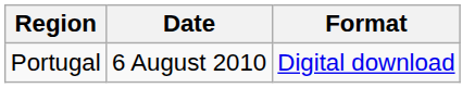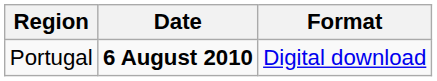 <table class="wikitable">
 <tr>
 <th>Region</th>
 <th>Date</th>
 <th>Format</th>
 </tr>
 <tr>
 <td rowspan="2">Portugal</td>
-<td>6 August 2010</td>
+<td><strong>6 August 2010</strong></td>
 <td><a href='#'>Digital download</a></td>
 </tr>
 </table>
